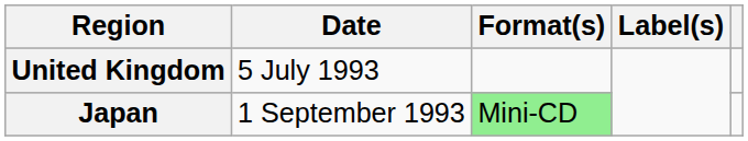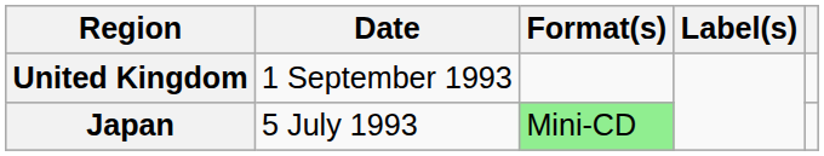 <table class="wikitable plainrowheaders">
 <tr>
 <th scope="col">Region</th>
 <th scope="col">Date</th>
 <th scope="col">Format(s)</th>
 <th scope="col">Label(s)</th>
 <th scope="col"></th>
 </tr>
 <tr>
 <th scope="row">United Kingdom</th>
-<td>5 July 1993</td>
+<td>1 September 1993</td>
 <td></td>
 <td rowspan="2"></td>
 <td></td>
 </tr>
 <tr>
 <th scope="row">Japan</th>
-<td>1 September 1993</td>
+<td>5 July 1993</td>
 <td style="background: lightgreen;">Mini-CD</td>
 <td></td>
 </tr>
 </table>
